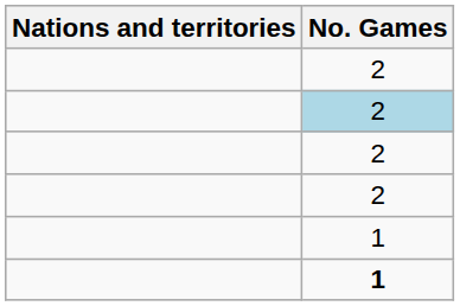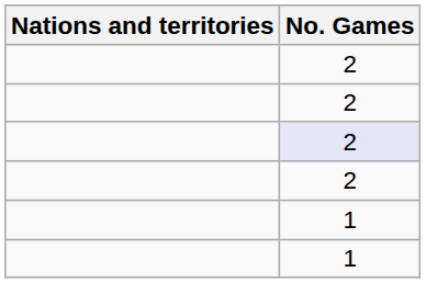 <table class="wikitable sortable" style="margin-top:0; text-align:center; font-size:90%;">
 <tr>
 <th>Nations and territories</th>
 <th>No. Games</th>
 </tr>
 <tr>
 <td align=left></td>
 <td>2</td>
 </tr>
 <tr>
 <td align=left></td>
-<td style="background: lightblue;">2</td>
+<td>2</td>
 </tr>
 <tr>
 <td align=left></td>
-<td>2</td>
+<td style="background: lavender;">2</td>
 </tr>
 <tr>
 <td align=left></td>
 <td>2</td>
 </tr>
 <tr>
 <td align=left></td>
 <td>1</td>
 </tr>
 <tr>
 <td align=left></td>
-<td><strong>1</strong></td>
+<td>1</td>
 </tr>
 </table>
